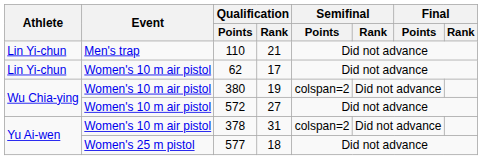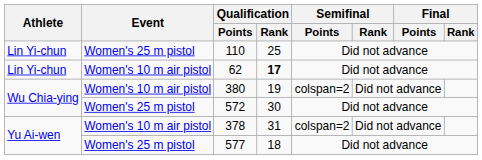 <table class="wikitable" style="font-size:90%">
 <tr>
 <th rowspan="2">Athlete</th>
 <th rowspan="2">Event</th>
 <th colspan=2>Qualification</th>
 <th colspan=2>Semifinal</th>
 <th colspan=2>Final</th>
 </tr>
 <tr style="font-size:95%">
 <th>Points</th>
 <th>Rank</th>
 <th>Points</th>
 <th>Rank</th>
 <th>Points</th>
 <th>Rank</th>
 </tr>
 <tr align=center>
 <td align=left><a href='#'>Lin Yi-chun</a></td>
-<td align=left><a href='#'>Men's trap</a></td>
+<td align=left><a href='#'>Women's 25 m pistol</a></td>
 <td>110</td>
-<td>21</td>
+<td>25</td>
 <td colspan=4>Did not advance</td>
 </tr>
 <tr align=center>
 <td align=left><a href='#'>Lin Yi-chun</a></td>
 <td align=left><a href='#'>Women's 10 m air pistol</a></td>
 <td>62</td>
-<td>17</td>
+<td><strong>17</strong></td>
 <td colspan=4>Did not advance</td>
 </tr>
 <tr align=center>
 <td align=left rowspan=2><a href='#'>Wu Chia-ying</a></td>
 <td align=left><a href='#'>Women's 10 m air pistol</a></td>
 <td>380</td>
 <td>19</td>
 <td>colspan=2 </td>
 <td colspan=2>Did not advance</td>
 </tr>
 <tr align=center>
-<td align=left><a href='#'>Women's 10 m air pistol</a></td>
+<td align=left><a href='#'>Women's 25 m pistol</a></td>
 <td>572</td>
-<td>27</td>
+<td>30</td>
 <td colspan=4>Did not advance</td>
 </tr>
 <tr align=center>
 <td align=left rowspan=2><a href='#'>Yu Ai-wen</a></td>
 <td align=left><a href='#'>Women's 10 m air pistol</a></td>
 <td>378</td>
 <td>31</td>
 <td>colspan=2 </td>
 <td colspan=2>Did not advance</td>
 </tr>
 <tr align=center>
 <td align=left><a href='#'>Women's 25 m pistol</a></td>
 <td>577</td>
 <td>18</td>
 <td colspan=4>Did not advance</td>
 </tr>
 </table>
